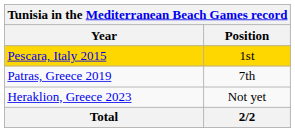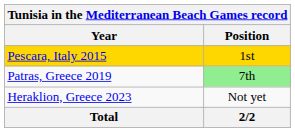 <table class="wikitable" style="text-align: center;">
 <tr>
 <th colspan=2>Tunisia in the <a href='#'>Mediterranean Beach Games record</a></th>
 </tr>
 <tr>
 <th>Year</th>
 <th width="100">Position</th>
 </tr>
 <tr bgcolor=gold>
 <td align=left> <a href='#'>Pescara, Italy 2015</a></td>
 <td>1st</td>
 </tr>
 <tr>
 <td align=left> <a href='#'>Patras, Greece 2019</a></td>
-<td>7th</td>
+<td style="background: lightgreen;">7th</td>
 </tr>
 <tr>
 <td align=left> <a href='#'>Heraklion, Greece 2023</a></td>
 <td>Not yet</td>
 </tr>
 <tr>
 <th>Total</th>
 <th>2/2</th>
 </tr>
 </table>
